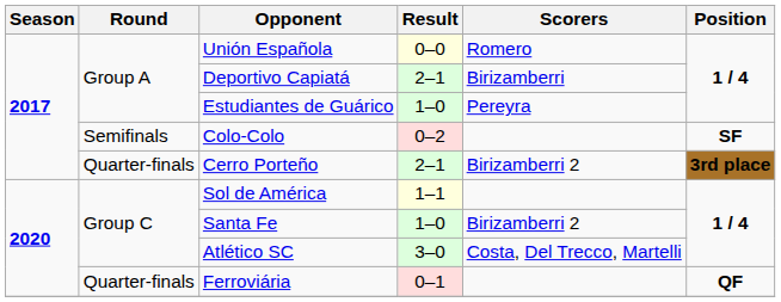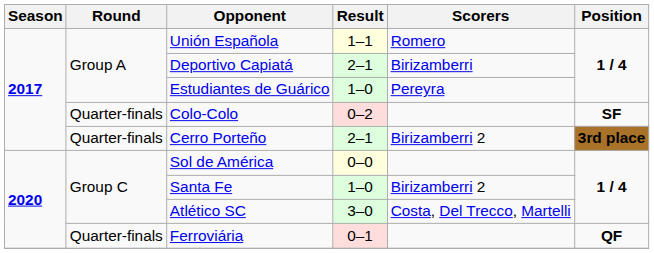 <table class="wikitable ">
 <tr>
 <th>Season</th>
 <th>Round</th>
 <th>Opponent</th>
 <th>Result</th>
 <th>Scorers</th>
 <th>Position</th>
 </tr>
 <tr>
 <td rowspan=5><strong><a href='#'>2017</a></strong></td>
 <td rowspan=3>Group A</td>
 <td> <a href='#'>Unión Española</a></td>
-<td style="text-align:center; background:#ffd;">0–0</td>
+<td style="text-align:center; background:#ffd;">1–1</td>
 <td><a href='#'>Romero</a></td>
 <td rowspan=3 style="text-align:center;"><strong>1 / 4</strong></td>
 </tr>
 <tr>
 <td> <a href='#'>Deportivo Capiatá</a></td>
 <td style="text-align:center; background:#dfd;">2–1</td>
 <td><a href='#'>Birizamberri</a></td>
 </tr>
 <tr>
 <td> <a href='#'>Estudiantes de Guárico</a></td>
 <td style="text-align:center; background:#dfd;">1–0</td>
 <td><a href='#'>Pereyra</a></td>
 </tr>
 <tr>
-<td>Semifinals</td>
+<td>Quarter-finals</td>
 <td> <a href='#'>Colo-Colo</a></td>
 <td style="text-align:center; background:#fdd;">0–2</td>
 <td></td>
 <td style="text-align:center;"><strong>SF</strong></td>
 </tr>
 <tr>
 <td>Quarter-finals</td>
 <td> <a href='#'>Cerro Porteño</a></td>
 <td style="text-align:center; background:#dfd;">2–1</td>
 <td><a href='#'>Birizamberri</a> 2</td>
 <td style="text-align:center; background:#A87228"><strong>3rd place</strong></td>
 </tr>
 <tr>
 <td rowspan=4><strong><a href='#'>2020</a></strong></td>
 <td rowspan=3>Group C</td>
 <td> <a href='#'>Sol de América</a></td>
-<td style="text-align:center; background:#ffd;">1–1</td>
+<td style="text-align:center; background:#ffd;">0–0</td>
 <td></td>
 <td rowspan=3 style="text-align:center;"><strong> 1 / 4</strong></td>
 </tr>
 <tr>
 <td> <a href='#'>Santa Fe</a></td>
 <td style="text-align:center; background:#dfd;">1–0</td>
 <td><a href='#'>Birizamberri</a> 2</td>
 </tr>
 <tr>
 <td> <a href='#'>Atlético SC</a></td>
 <td style="text-align:center; background:#dfd;">3–0</td>
 <td><a href='#'>Costa</a>, <a href='#'>Del Trecco</a>, <a href='#'>Martelli</a></td>
 </tr>
 <tr>
 <td>Quarter-finals</td>
 <td> <a href='#'>Ferroviária</a></td>
 <td style="text-align:center; background:#fdd;">0–1</td>
 <td></td>
 <td style="text-align:center;"><strong>QF</strong></td>
 </tr>
 <tr>
 </tr>
 </table>
